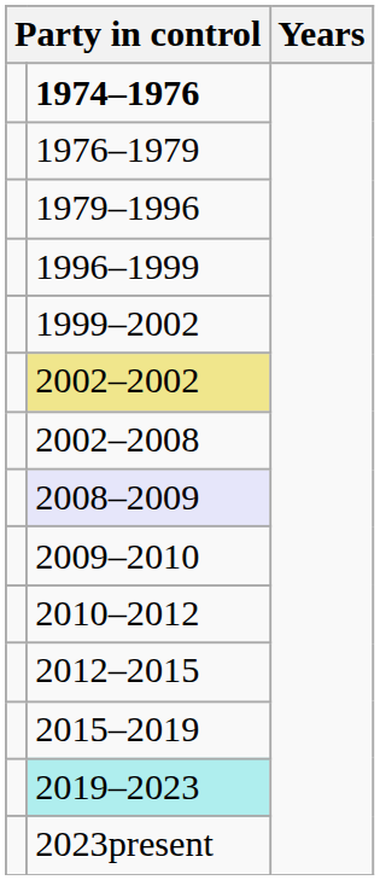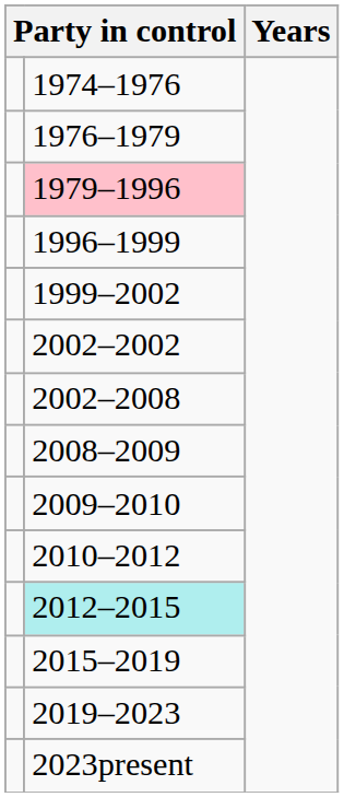 <table class="wikitable">
 <tr>
 <th colspan=2>Party in control</th>
 <th>Years</th>
 </tr>
 <tr>
 <td></td>
-<td><strong>1974–1976</strong></td>
+<td>1974–1976</td>
 </tr>
 <tr>
 <td></td>
 <td>1976–1979</td>
 </tr>
 <tr>
 <td></td>
-<td>1979–1996</td>
+<td style="background: pink;">1979–1996</td>
 </tr>
 <tr>
 <td></td>
 <td>1996–1999</td>
 </tr>
 <tr>
 <td></td>
 <td>1999–2002</td>
 </tr>
 <tr>
 <td></td>
-<td style="background: khaki;">2002–2002</td>
+<td>2002–2002</td>
 </tr>
 <tr>
 <td></td>
 <td>2002–2008</td>
 </tr>
 <tr>
 <td></td>
-<td style="background: lavender;">2008–2009</td>
+<td>2008–2009</td>
 </tr>
 <tr>
 <td></td>
 <td>2009–2010</td>
 </tr>
 <tr>
 <td></td>
 <td>2010–2012</td>
 </tr>
 <tr>
 <td></td>
-<td>2012–2015</td>
+<td style="background: paleturquoise;">2012–2015</td>
 </tr>
 <tr>
 <td></td>
 <td>2015–2019</td>
 </tr>
 <tr>
 <td></td>
-<td style="background: paleturquoise;">2019–2023</td>
+<td>2019–2023</td>
 </tr>
 <tr>
 <td></td>
 <td>2023present</td>
 </tr>
 </table>
